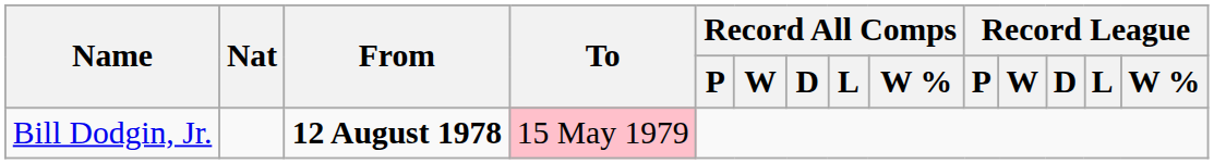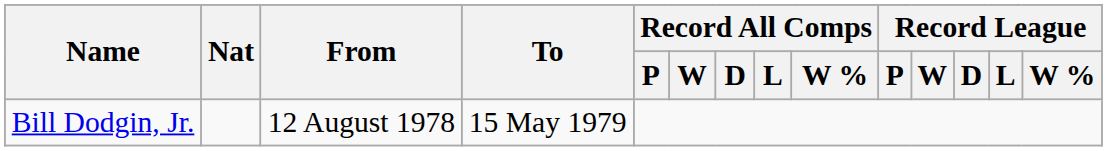 <table style="text-align: center" class="wikitable">
 <tr>
 <th rowspan="2">Name</th>
 <th rowspan="2">Nat</th>
 <th rowspan="2">From</th>
 <th rowspan="2">To</th>
 <th colspan="5">Record All Comps</th>
 <th colspan="5">Record League</th>
 </tr>
 <tr>
 <th>P</th>
 <th>W</th>
 <th>D</th>
 <th>L</th>
 <th>W %</th>
 <th>P</th>
 <th>W</th>
 <th>D</th>
 <th>L</th>
 <th>W %</th>
 </tr>
 <tr>
 <td style="text-align:left;"><a href='#'>Bill Dodgin, Jr.</a></td>
 <td></td>
-<td style="text-align:left;"><strong>12 August 1978</strong></td>
-<td style="background: pink; text-align:left;">15 May 1979<br> </td>
+<td style="text-align:left;">12 August 1978</td>
+<td style="text-align:left;">15 May 1979<br> </td>
 </tr>
 </table>
